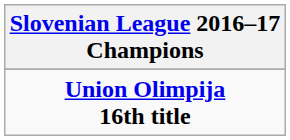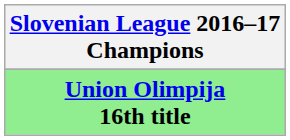 <table class="wikitable" style="text-align: center; margin: 0 auto;">
 <tr>
 <th><a href='#'>Slovenian League</a> 2016–17<br>Champions</th>
 </tr>
 <tr>
 </tr>
 <tr>
-<td><strong><a href='#'>Union Olimpija</a></strong><br><strong>16th title</strong></td>
+<td style="background: lightgreen;"><strong><a href='#'>Union Olimpija</a></strong><br><strong>16th title</strong></td>
 </tr>
 </table>
